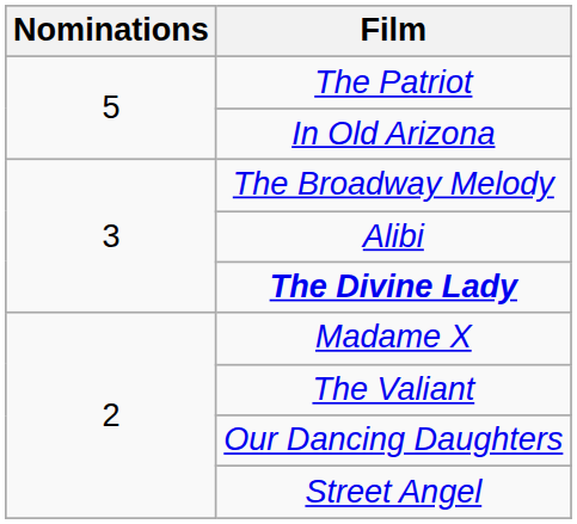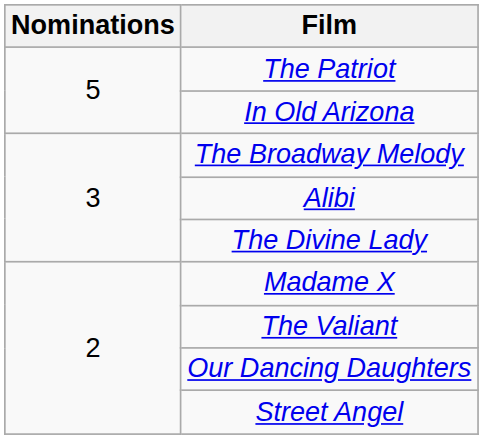 <table class="wikitable" style="text-align: center;">
 <tr>
 <th>Nominations</th>
 <th>Film</th>
 </tr>
 <tr>
 <td rowspan=2>5</td>
 <td><em><a href='#'>The Patriot</a></em></td>
 </tr>
 <tr>
 <td><em><a href='#'>In Old Arizona</a></em></td>
 </tr>
 <tr>
 <td rowspan=3>3</td>
 <td><em><a href='#'>The Broadway Melody</a></em></td>
 </tr>
 <tr>
 <td><em><a href='#'>Alibi</a></em></td>
 </tr>
 <tr>
-<td><strong><em><a href='#'>The Divine Lady</a></em></strong></td>
+<td><em><a href='#'>The Divine Lady</a></em></td>
 </tr>
 <tr>
 <td rowspan=4>2</td>
 <td><em><a href='#'>Madame X</a></em></td>
 </tr>
 <tr>
 <td><em><a href='#'>The Valiant</a></em></td>
 </tr>
 <tr>
 <td><em><a href='#'>Our Dancing Daughters</a></em></td>
 </tr>
 <tr>
 <td><em><a href='#'>Street Angel</a></em></td>
 </tr>
 </table>
